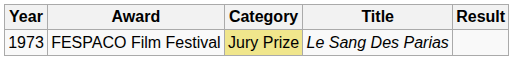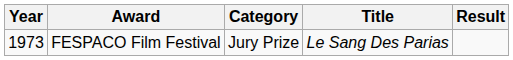 <table class="wikitable">
 <tr style="background:#b0c4de; text-align:center;">
 <th>Year</th>
 <th>Award</th>
 <th>Category</th>
 <th>Title</th>
 <th>Result</th>
 </tr>
 <tr>
 <td rowspan="3">1973</td>
 <td>FESPACO Film Festival</td>
-<td style="background: khaki;">Jury Prize</td>
+<td>Jury Prize</td>
 <td><em>Le Sang Des Parias</em></td>
 <td></td>
 </tr>
 </table>
